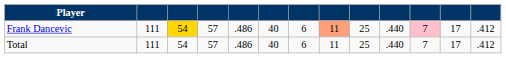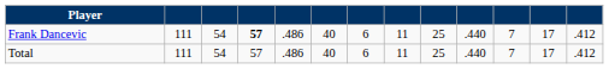 <table class="wikitable" style="text-align:center">
 <tr>
 <th style="background:#003366; color:white" width="200px">Player</th>
 <th style="background:#003366; color:white" width="40px"></th>
 <th style="background:#003366; color:white" width="40px"></th>
 <th style="background:#003366; color:white" width="40px"></th>
 <th style="background:#003366; color:white" width="40px"></th>
 <th style="background:#003366; color:white" width="40px"></th>
 <th style="background:#003366; color:white" width="40px"></th>
 <th style="background:#003366; color:white" width="40px"></th>
 <th style="background:#003366; color:white" width="40px"></th>
 <th style="background:#003366; color:white" width="40px"></th>
 <th style="background:#003366; color:white" width="40px"></th>
 <th style="background:#003366; color:white" width="40px"></th>
 <th style="background:#003366; color:white" width="40px"></th>
 </tr>
 <tr>
 <td style="text-align:left"><a href='#'>Frank Dancevic</a></td>
 <td>111</td>
-<td style="background: gold;">54</td>
-<td>57</td>
+<td>54</td>
+<td><strong>57</strong></td>
 <td>.486</td>
 <td>40</td>
 <td>6</td>
-<td style="background: lightsalmon;">11</td>
+<td>11</td>
 <td>25</td>
 <td>.440</td>
-<td style="background: pink;">7</td>
+<td>7</td>
 <td>17</td>
 <td>.412</td>
 </tr>
 <tr>
 <td style="text-align:left">Total</td>
 <td>111</td>
 <td>54</td>
 <td>57</td>
 <td>.486</td>
 <td>40</td>
 <td>6</td>
 <td>11</td>
 <td>25</td>
 <td>.440</td>
 <td>7</td>
 <td>17</td>
 <td>.412</td>
 </tr>
 </table>
